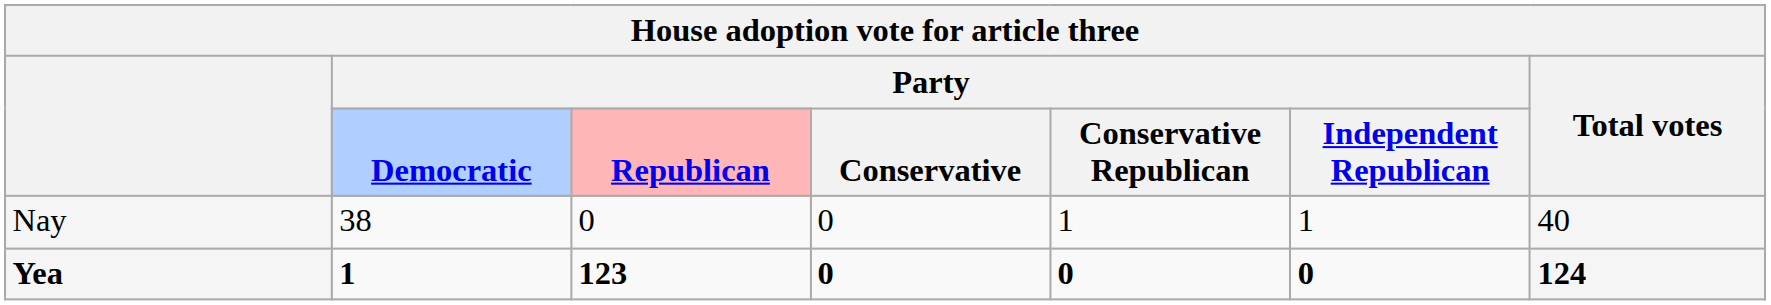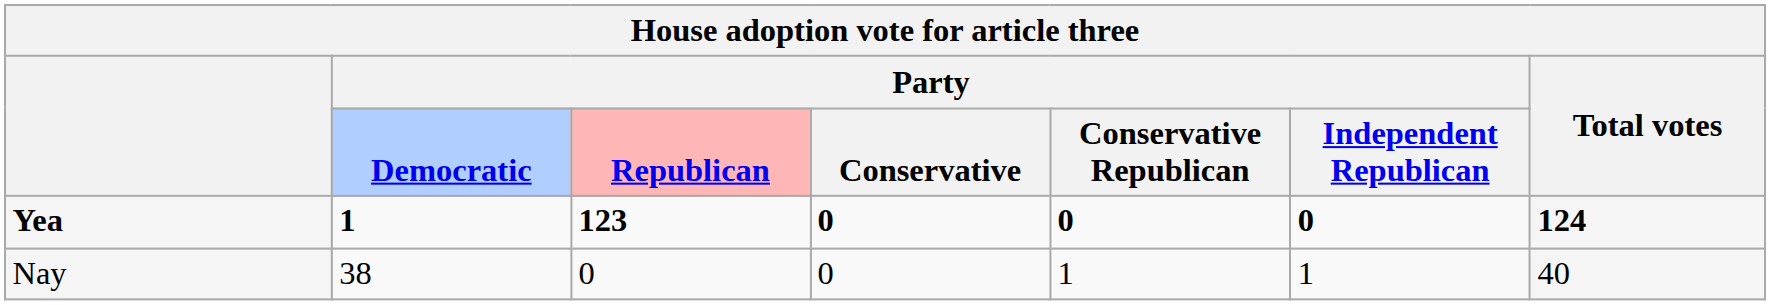 <table class="wikitable">
 <tr>
 <th colspan=7>House adoption vote for article three</th>
 </tr>
 <tr>
 <th rowspan=2></th>
 <th colspan=5>Party</th>
 <th rowspan=2>Total votes</th>
 </tr>
 <tr style="vertical-align:bottom;">
 <th style="background:#b0ceff;"><a href='#'>Democratic</a></th>
 <th style="background:#ffb6b6;"><a href='#'>Republican</a></th>
 <th>Conservative</th>
 <th>Conservative Republican</th>
 <th><a href='#'>Independent Republican</a></th>
 </tr>
 <tr>
+<td style="width: 10em; background:#F5F5F5"><strong>Yea</strong></td>
+<td style="width: 7em;"><strong>1</strong></td>
+<td style="width: 7em;"><strong>123</strong></td>
+<td style="width: 7em;"><strong>0</strong></td>
+<td style="width: 7em;"><strong>0</strong></td>
+<td style="width: 7em;"><strong>0</strong></td>
+<td style="width: 7em; background:#F5F5F5"><strong>124</strong></td>
+</tr>
+<tr>
 <td style="background:#F5F5F5">Nay</td>
 <td>38</td>
 <td>0</td>
 <td>0</td>
 <td>1</td>
 <td>1</td>
 <td style="background:#F5F5F5">40</td>
 </tr>
-<tr>
-<td style="width: 10em; background:#F5F5F5"><strong>Yea</strong></td>
-<td style="width: 7em;"><strong>1</strong></td>
-<td style="width: 7em;"><strong>123</strong></td>
-<td style="width: 7em;"><strong>0</strong></td>
-<td style="width: 7em;"><strong>0</strong></td>
-<td style="width: 7em;"><strong>0</strong></td>
-<td style="width: 7em; background:#F5F5F5"><strong>124</strong></td>
-</tr>
 </table>
